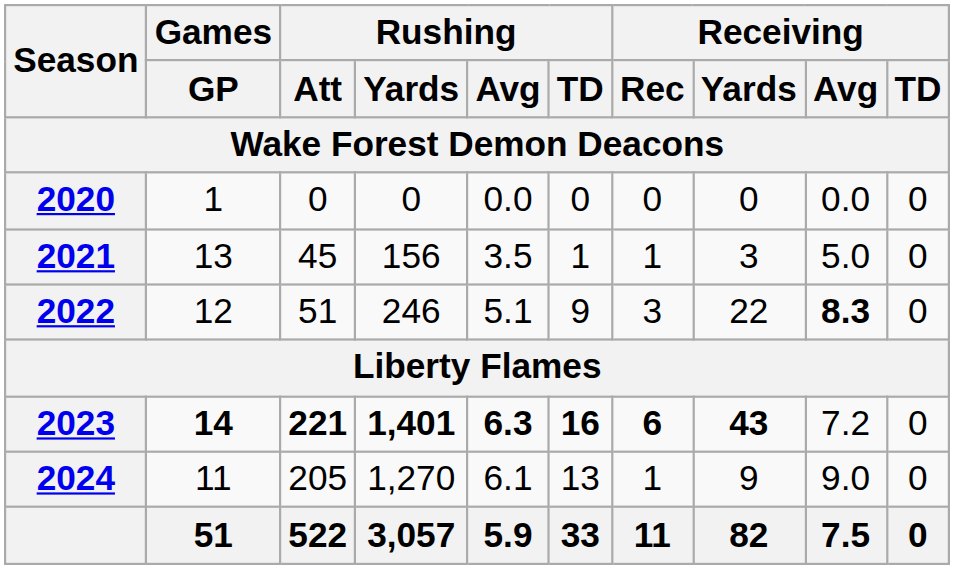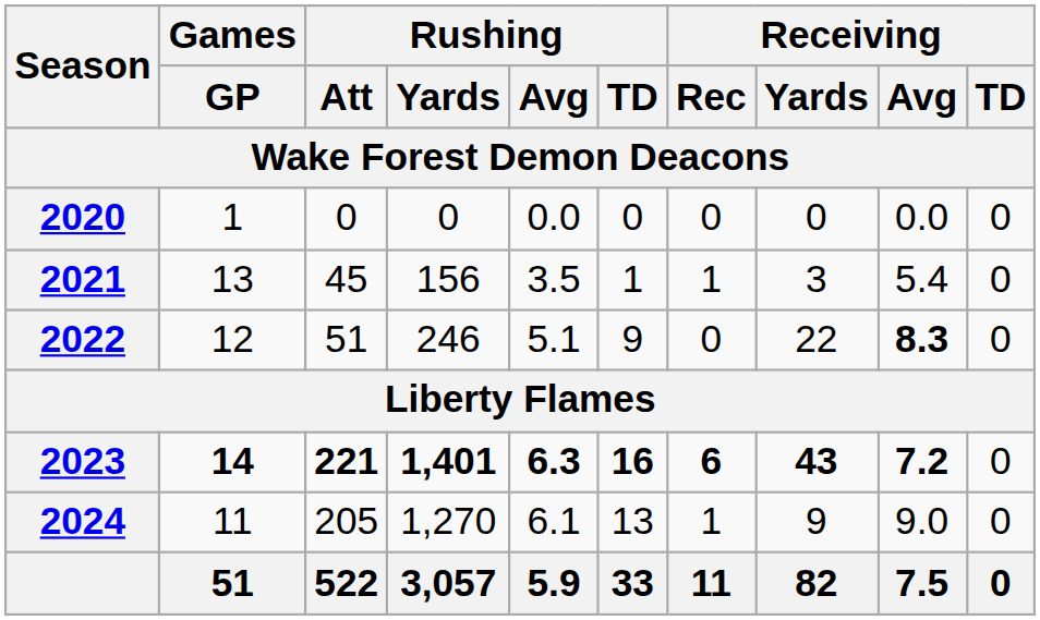 <table class="wikitable" style="text-align:center;">
 <tr>
 <th rowspan="2">Season</th>
 <th>Games</th>
 <th colspan="4">Rushing</th>
 <th colspan="4">Receiving</th>
 </tr>
 <tr>
 <th>GP</th>
 <th>Att</th>
 <th>Yards</th>
 <th>Avg</th>
 <th>TD</th>
 <th>Rec</th>
 <th>Yards</th>
 <th>Avg</th>
 <th>TD</th>
 </tr>
 <tr>
 <th colspan="11">Wake Forest Demon Deacons</th>
 </tr>
 <tr>
 <th><a href='#'>2020</a></th>
 <td>1</td>
 <td>0</td>
 <td>0</td>
 <td>0.0</td>
 <td>0</td>
 <td>0</td>
 <td>0</td>
 <td>0.0</td>
 <td>0</td>
 </tr>
 <tr>
 <th><a href='#'>2021</a></th>
 <td>13</td>
 <td>45</td>
 <td>156</td>
 <td>3.5</td>
 <td>1</td>
 <td>1</td>
 <td>3</td>
-<td>5.0</td>
+<td>5.4</td>
 <td>0</td>
 </tr>
 <tr>
 <th><a href='#'>2022</a></th>
 <td>12</td>
 <td>51</td>
 <td>246</td>
 <td>5.1</td>
 <td>9</td>
-<td>3</td>
+<td>0</td>
 <td>22</td>
 <td><strong>8.3</strong></td>
 <td>0</td>
 </tr>
 <tr>
 <th colspan="11">Liberty Flames</th>
 </tr>
 <tr>
 <th><a href='#'>2023</a></th>
 <td><strong>14</strong></td>
 <td><strong>221</strong></td>
 <td><strong>1,401</strong></td>
 <td><strong>6.3</strong></td>
 <td><strong>16</strong></td>
 <td><strong>6</strong></td>
 <td><strong>43</strong></td>
-<td>7.2</td>
+<td><strong>7.2</strong></td>
 <td>0</td>
 </tr>
 <tr>
 <th><a href='#'>2024</a></th>
 <td>11</td>
 <td>205</td>
 <td>1,270</td>
 <td>6.1</td>
 <td>13</td>
 <td>1</td>
 <td>9</td>
 <td>9.0</td>
 <td>0</td>
 </tr>
 <tr>
 <th></th>
 <th>51</th>
 <th>522</th>
 <th>3,057</th>
 <th>5.9</th>
 <th>33</th>
 <th>11</th>
 <th>82</th>
 <th>7.5</th>
 <th>0</th>
 </tr>
 </table>
